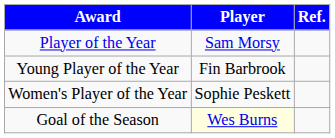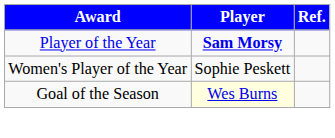 <table class="wikitable" style="text-align:center">
 <tr>
 <th style="background:blue; color:white; width=0%">Award</th>
 <th style="background:blue; color:white; width=0%">Player</th>
 <th style="background:blue; color:white; width=0%">Ref.</th>
 </tr>
 <tr>
 <td><a href='#'>Player of the Year</a></td>
-<td> <a href='#'>Sam Morsy</a></td>
-<td></td>
-</tr>
-<tr>
-<td>Young Player of the Year</td>
-<td> Fin Barbrook</td>
+<td><strong> <a href='#'>Sam Morsy</a></strong></td>
 <td></td>
 </tr>
 <tr>
 <td>Women's Player of the Year</td>
 <td> Sophie Peskett</td>
 <td></td>
 </tr>
 <tr>
 <td>Goal of the Season</td>
 <td style="background: lightyellow;"> <a href='#'>Wes Burns</a></td>
 <td></td>
 </tr>
 </table>
